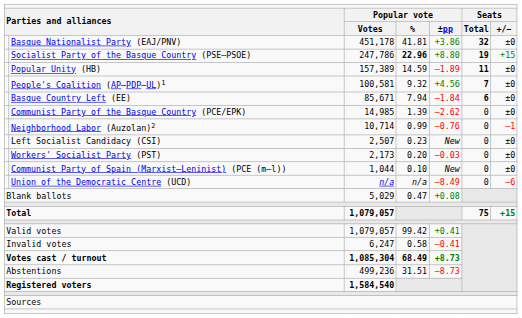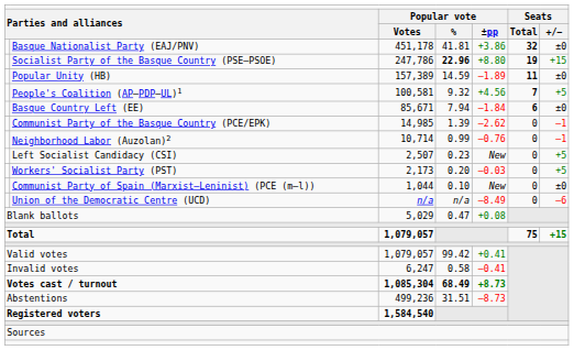 <table class="wikitable" style="text-align:right;">
 <tr>
 <td colspan="7"></td>
 </tr>
 <tr>
 <th style="text-align:left;" rowspan="2" colspan="2" width="525">Parties and alliances</th>
 <th colspan="3">Popular vote</th>
 <th colspan="2">Seats</th>
 </tr>
 <tr>
 <th width="75">Votes</th>
 <th width="45">%</th>
 <th width="45">±<a href='#'>pp</a></th>
 <th width="35">Total</th>
 <th width="35">+/−</th>
 </tr>
 <tr>
 <td width="1" style="color:inherit;background:"></td>
 <td align="left"><a href='#'>Basque Nationalist Party</a> (EAJ/PNV)</td>
 <td>451,178</td>
 <td>41.81</td>
 <td style="color:green;">+3.86</td>
 <td><strong>32</strong></td>
 <td>±0</td>
 </tr>
 <tr>
 <td style="color:inherit;background:"></td>
 <td align="left"><a href='#'>Socialist Party of the Basque Country</a> (PSE–PSOE)</td>
 <td>247,786</td>
 <td><strong>22.96</strong></td>
 <td style="color:green;">+8.80</td>
 <td><strong>19</strong></td>
 <td style="color:green;">+15</td>
 </tr>
 <tr>
 <td style="color:inherit;background:"></td>
 <td align="left"><a href='#'>Popular Unity</a> (HB)</td>
 <td>157,389</td>
 <td>14.59</td>
 <td style="color:red;">–1.89</td>
 <td><strong>11</strong></td>
 <td>±0</td>
 </tr>
 <tr>
 <td style="color:inherit;background:"></td>
 <td align="left"><a href='#'>People's Coalition</a> (<a href='#'>AP</a>–<a href='#'>PDP</a>–<a href='#'>UL</a>)<sup>1</sup></td>
 <td>100,581</td>
 <td>9.32</td>
 <td style="color:green;">+4.56</td>
 <td><strong>7</strong></td>
-<td>±0</td>
+<td style="color:green;">+5</td>
 </tr>
 <tr>
 <td style="color:inherit;background:"></td>
 <td align="left"><a href='#'>Basque Country Left</a> (EE)</td>
 <td>85,671</td>
 <td>7.94</td>
 <td style="color:red;">–1.84</td>
 <td><strong>6</strong></td>
 <td>±0</td>
 </tr>
 <tr>
 <td style="color:inherit;background:"></td>
 <td align="left"><a href='#'>Communist Party of the Basque Country</a> (PCE/EPK)</td>
 <td>14,985</td>
 <td>1.39</td>
 <td style="color:red;">–2.62</td>
 <td>0</td>
-<td>±0</td>
+<td style="color:red;">–1</td>
 </tr>
 <tr>
 <td style="color:inherit;background:"></td>
 <td align="left"><a href='#'>Neighborhood Labor</a> (Auzolan)<sup>2</sup></td>
 <td>10,714</td>
 <td>0.99</td>
 <td style="color:red;">–0.76</td>
 <td>0</td>
 <td style="color:red;">–1</td>
 </tr>
 <tr>
 <td bgcolor="white"></td>
 <td align="left">Left Socialist Candidacy (CSI)</td>
 <td>2,507</td>
 <td>0.23</td>
 <td><em>New</em></td>
 <td>0</td>
-<td>±0</td>
+<td style="color:green;">+5</td>
 </tr>
 <tr>
 <td style="color:inherit;background:"></td>
 <td align="left"><a href='#'>Workers' Socialist Party</a> (PST)</td>
 <td>2,173</td>
 <td>0.20</td>
 <td style="color:red;">–0.03</td>
 <td>0</td>
-<td>±0</td>
+<td style="color:green;">+5</td>
 </tr>
 <tr>
 <td style="color:inherit;background:"></td>
 <td align="left"><a href='#'>Communist Party of Spain (Marxist–Leninist)</a> (PCE (m–l))</td>
 <td>1,044</td>
 <td>0.10</td>
 <td><em>New</em></td>
 <td>0</td>
 <td>±0</td>
 </tr>
 <tr>
 <td style="color:inherit;background:"></td>
 <td align="left"><a href='#'>Union of the Democratic Centre</a> (UCD)</td>
 <td><em><a href='#'>n/a</a></em></td>
 <td><em>n/a</em></td>
 <td style="color:red;">–8.49</td>
 <td>0</td>
 <td style="color:red;">–6</td>
 </tr>
 <tr>
 <td align="left" colspan="2">Blank ballots</td>
 <td>5,029</td>
 <td>0.47</td>
 <td style="color:green;">+0.08</td>
 <td bgcolor="#E9E9E9" colspan="2"></td>
 </tr>
 <tr>
 <td colspan="7" bgcolor="#E9E9E9"></td>
 </tr>
 <tr style="font-weight:bold;">
 <td align="left" colspan="2">Total</td>
 <td>1,079,057</td>
 <td bgcolor="#E9E9E9" colspan="2"></td>
 <td>75</td>
 <td style="color:green;">+15</td>
 </tr>
 <tr>
 <td colspan="7" bgcolor="#E9E9E9"></td>
 </tr>
 <tr>
 <td align="left" colspan="2">Valid votes</td>
 <td>1,079,057</td>
 <td>99.42</td>
 <td style="color:green;">+0.41</td>
 <td bgcolor="#E9E9E9" colspan="2" rowspan="5"></td>
 </tr>
 <tr>
 <td align="left" colspan="2">Invalid votes</td>
 <td>6,247</td>
 <td>0.58</td>
 <td style="color:red;">–0.41</td>
 </tr>
 <tr style="font-weight:bold;">
 <td align="left" colspan="2">Votes cast / turnout</td>
 <td>1,085,304</td>
 <td>68.49</td>
 <td style="color:green;">+8.73</td>
 </tr>
 <tr>
 <td align="left" colspan="2">Abstentions</td>
 <td>499,236</td>
 <td>31.51</td>
 <td style="color:red;">–8.73</td>
 </tr>
 <tr style="font-weight:bold;">
 <td align="left" colspan="2">Registered voters</td>
 <td>1,584,540</td>
 <td bgcolor="#E9E9E9" colspan="2"></td>
 </tr>
 <tr>
 <td colspan="7" bgcolor="#E9E9E9"></td>
 </tr>
 <tr>
 <td align="left" colspan="7">Sources</td>
 </tr>
 <tr>
 <td colspan="7" style="text-align:left; max-width:790px;"></td>
 </tr>
 </table>
